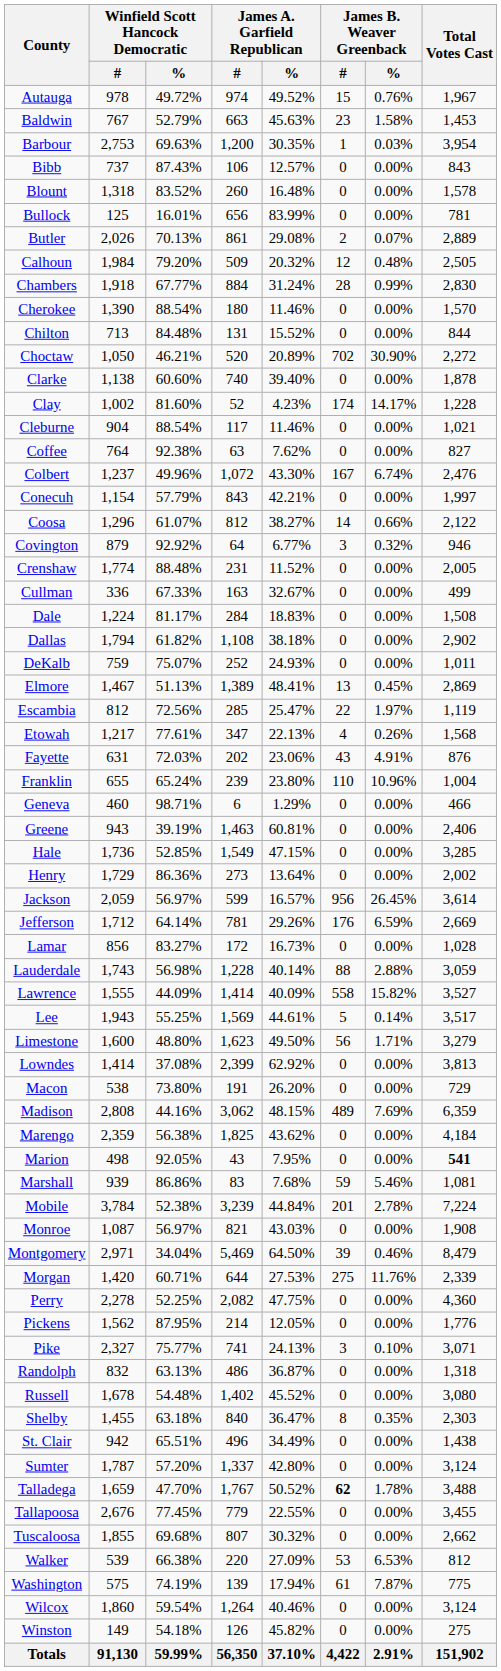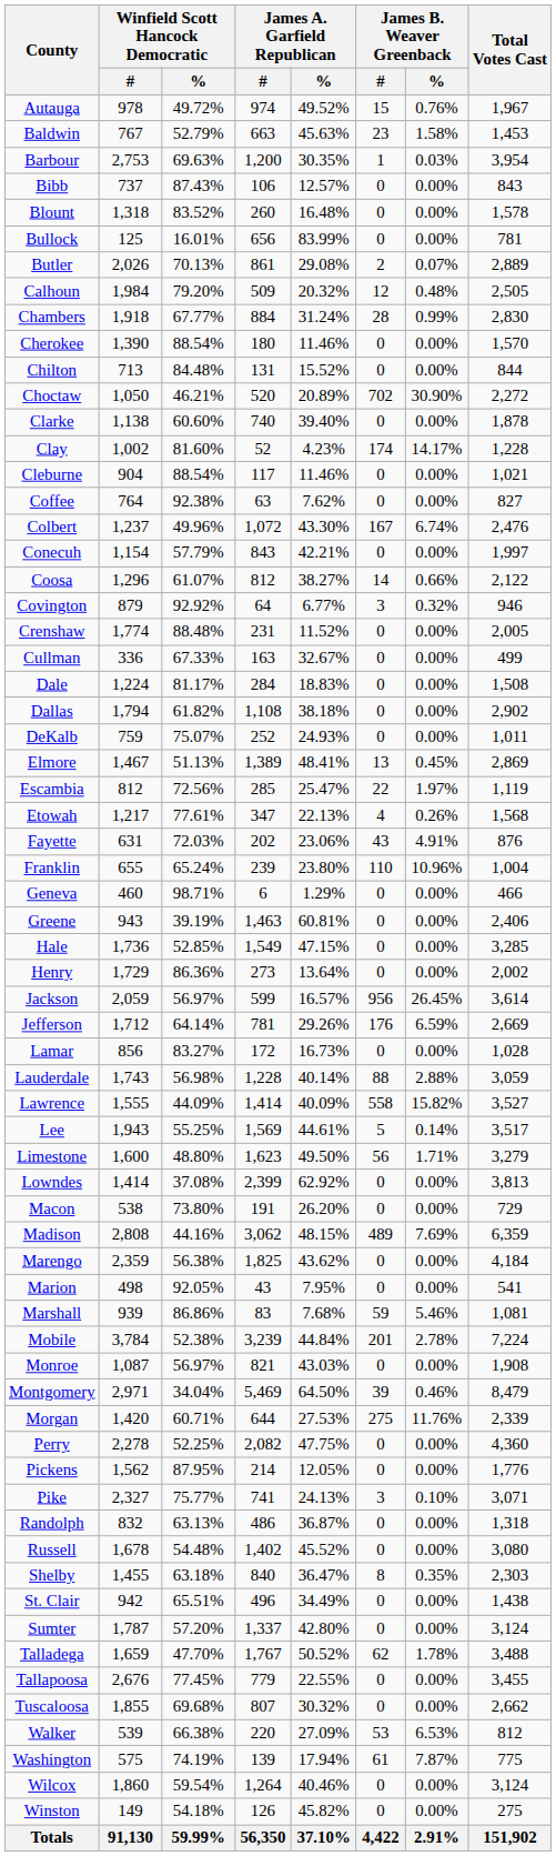 <table class="wikitable sortable" width="60%">
 <tr>
 <th rowspan="2">County</th>
 <th colspan="2">Winfield Scott Hancock<br>Democratic</th>
 <th colspan="2">James A. Garfield<br>Republican</th>
 <th colspan="2">James B. Weaver<br>Greenback</th>
 <th rowspan="2">Total Votes Cast</th>
 </tr>
 <tr>
 <th data-sort-type="number" style="text-align:center;">#</th>
 <th data-sort-type="number" style="text-align:center;">%</th>
 <th data-sort-type="number" style="text-align:center;">#</th>
 <th data-sort-type="number" style="text-align:center;">%</th>
 <th>#</th>
 <th>%</th>
 </tr>
 <tr style="text-align:center;">
 <td><a href='#'>Autauga</a></td>
 <td>978</td>
 <td>49.72%</td>
 <td>974</td>
 <td>49.52%</td>
 <td>15</td>
 <td>0.76%</td>
 <td>1,967</td>
 </tr>
 <tr style="text-align:center;">
 <td><a href='#'>Baldwin</a></td>
 <td>767</td>
 <td>52.79%</td>
 <td>663</td>
 <td>45.63%</td>
 <td>23</td>
 <td>1.58%</td>
 <td>1,453</td>
 </tr>
 <tr style="text-align:center;">
 <td><a href='#'>Barbour</a></td>
 <td>2,753</td>
 <td>69.63%</td>
 <td>1,200</td>
 <td>30.35%</td>
 <td>1</td>
 <td>0.03%</td>
 <td>3,954</td>
 </tr>
 <tr style="text-align:center;">
 <td><a href='#'>Bibb</a></td>
 <td>737</td>
 <td>87.43%</td>
 <td>106</td>
 <td>12.57%</td>
 <td>0</td>
 <td>0.00%</td>
 <td>843</td>
 </tr>
 <tr style="text-align:center;">
 <td><a href='#'>Blount</a></td>
 <td>1,318</td>
 <td>83.52%</td>
 <td>260</td>
 <td>16.48%</td>
 <td>0</td>
 <td>0.00%</td>
 <td>1,578</td>
 </tr>
 <tr style="text-align:center;">
 <td><a href='#'>Bullock</a></td>
 <td>125</td>
 <td>16.01%</td>
 <td>656</td>
 <td>83.99%</td>
 <td>0</td>
 <td>0.00%</td>
 <td>781</td>
 </tr>
 <tr style="text-align:center;">
 <td><a href='#'>Butler</a></td>
 <td>2,026</td>
 <td>70.13%</td>
 <td>861</td>
 <td>29.08%</td>
 <td>2</td>
 <td>0.07%</td>
 <td>2,889</td>
 </tr>
 <tr style="text-align:center;">
 <td><a href='#'>Calhoun</a></td>
 <td>1,984</td>
 <td>79.20%</td>
 <td>509</td>
 <td>20.32%</td>
 <td>12</td>
 <td>0.48%</td>
 <td>2,505</td>
 </tr>
 <tr style="text-align:center;">
 <td><a href='#'>Chambers</a></td>
 <td>1,918</td>
 <td>67.77%</td>
 <td>884</td>
 <td>31.24%</td>
 <td>28</td>
 <td>0.99%</td>
 <td>2,830</td>
 </tr>
 <tr style="text-align:center;">
 <td><a href='#'>Cherokee</a></td>
 <td>1,390</td>
 <td>88.54%</td>
 <td>180</td>
 <td>11.46%</td>
 <td>0</td>
 <td>0.00%</td>
 <td>1,570</td>
 </tr>
 <tr style="text-align:center;">
 <td><a href='#'>Chilton</a></td>
 <td>713</td>
 <td>84.48%</td>
 <td>131</td>
 <td>15.52%</td>
 <td>0</td>
 <td>0.00%</td>
 <td>844</td>
 </tr>
 <tr style="text-align:center;">
 <td><a href='#'>Choctaw</a></td>
 <td>1,050</td>
 <td>46.21%</td>
 <td>520</td>
 <td>20.89%</td>
 <td>702</td>
 <td>30.90%</td>
 <td>2,272</td>
 </tr>
 <tr style="text-align:center;">
 <td><a href='#'>Clarke</a></td>
 <td>1,138</td>
 <td>60.60%</td>
 <td>740</td>
 <td>39.40%</td>
 <td>0</td>
 <td>0.00%</td>
 <td>1,878</td>
 </tr>
 <tr style="text-align:center;">
 <td><a href='#'>Clay</a></td>
 <td>1,002</td>
 <td>81.60%</td>
 <td>52</td>
 <td>4.23%</td>
 <td>174</td>
 <td>14.17%</td>
 <td>1,228</td>
 </tr>
 <tr style="text-align:center;">
 <td><a href='#'>Cleburne</a></td>
 <td>904</td>
 <td>88.54%</td>
 <td>117</td>
 <td>11.46%</td>
 <td>0</td>
 <td>0.00%</td>
 <td>1,021</td>
 </tr>
 <tr style="text-align:center;">
 <td><a href='#'>Coffee</a></td>
 <td>764</td>
 <td>92.38%</td>
 <td>63</td>
 <td>7.62%</td>
 <td>0</td>
 <td>0.00%</td>
 <td>827</td>
 </tr>
 <tr style="text-align:center;">
 <td><a href='#'>Colbert</a></td>
 <td>1,237</td>
 <td>49.96%</td>
 <td>1,072</td>
 <td>43.30%</td>
 <td>167</td>
 <td>6.74%</td>
 <td>2,476</td>
 </tr>
 <tr style="text-align:center;">
 <td><a href='#'>Conecuh</a></td>
 <td>1,154</td>
 <td>57.79%</td>
 <td>843</td>
 <td>42.21%</td>
 <td>0</td>
 <td>0.00%</td>
 <td>1,997</td>
 </tr>
 <tr style="text-align:center;">
 <td><a href='#'>Coosa</a></td>
 <td>1,296</td>
 <td>61.07%</td>
 <td>812</td>
 <td>38.27%</td>
 <td>14</td>
 <td>0.66%</td>
 <td>2,122</td>
 </tr>
 <tr style="text-align:center;">
 <td><a href='#'>Covington</a></td>
 <td>879</td>
 <td>92.92%</td>
 <td>64</td>
 <td>6.77%</td>
 <td>3</td>
 <td>0.32%</td>
 <td>946</td>
 </tr>
 <tr style="text-align:center;">
 <td><a href='#'>Crenshaw</a></td>
 <td>1,774</td>
 <td>88.48%</td>
 <td>231</td>
 <td>11.52%</td>
 <td>0</td>
 <td>0.00%</td>
 <td>2,005</td>
 </tr>
 <tr style="text-align:center;">
 <td><a href='#'>Cullman</a></td>
 <td>336</td>
 <td>67.33%</td>
 <td>163</td>
 <td>32.67%</td>
 <td>0</td>
 <td>0.00%</td>
 <td>499</td>
 </tr>
 <tr style="text-align:center;">
 <td><a href='#'>Dale</a></td>
 <td>1,224</td>
 <td>81.17%</td>
 <td>284</td>
 <td>18.83%</td>
 <td>0</td>
 <td>0.00%</td>
 <td>1,508</td>
 </tr>
 <tr style="text-align:center;">
 <td><a href='#'>Dallas</a></td>
 <td>1,794</td>
 <td>61.82%</td>
 <td>1,108</td>
 <td>38.18%</td>
 <td>0</td>
 <td>0.00%</td>
 <td>2,902</td>
 </tr>
 <tr style="text-align:center;">
 <td><a href='#'>DeKalb</a></td>
 <td>759</td>
 <td>75.07%</td>
 <td>252</td>
 <td>24.93%</td>
 <td>0</td>
 <td>0.00%</td>
 <td>1,011</td>
 </tr>
 <tr style="text-align:center;">
 <td><a href='#'>Elmore</a></td>
 <td>1,467</td>
 <td>51.13%</td>
 <td>1,389</td>
 <td>48.41%</td>
 <td>13</td>
 <td>0.45%</td>
 <td>2,869</td>
 </tr>
 <tr style="text-align:center;">
 <td><a href='#'>Escambia</a></td>
 <td>812</td>
 <td>72.56%</td>
 <td>285</td>
 <td>25.47%</td>
 <td>22</td>
 <td>1.97%</td>
 <td>1,119</td>
 </tr>
 <tr style="text-align:center;">
 <td><a href='#'>Etowah</a></td>
 <td>1,217</td>
 <td>77.61%</td>
 <td>347</td>
 <td>22.13%</td>
 <td>4</td>
 <td>0.26%</td>
 <td>1,568</td>
 </tr>
 <tr style="text-align:center;">
 <td><a href='#'>Fayette</a></td>
 <td>631</td>
 <td>72.03%</td>
 <td>202</td>
 <td>23.06%</td>
 <td>43</td>
 <td>4.91%</td>
 <td>876</td>
 </tr>
 <tr style="text-align:center;">
 <td><a href='#'>Franklin</a></td>
 <td>655</td>
 <td>65.24%</td>
 <td>239</td>
 <td>23.80%</td>
 <td>110</td>
 <td>10.96%</td>
 <td>1,004</td>
 </tr>
 <tr style="text-align:center;">
 <td><a href='#'>Geneva</a></td>
 <td>460</td>
 <td>98.71%</td>
 <td>6</td>
 <td>1.29%</td>
 <td>0</td>
 <td>0.00%</td>
 <td>466</td>
 </tr>
 <tr style="text-align:center;">
 <td><a href='#'>Greene</a></td>
 <td>943</td>
 <td>39.19%</td>
 <td>1,463</td>
 <td>60.81%</td>
 <td>0</td>
 <td>0.00%</td>
 <td>2,406</td>
 </tr>
 <tr style="text-align:center;">
 <td><a href='#'>Hale</a></td>
 <td>1,736</td>
 <td>52.85%</td>
 <td>1,549</td>
 <td>47.15%</td>
 <td>0</td>
 <td>0.00%</td>
 <td>3,285</td>
 </tr>
 <tr style="text-align:center;">
 <td><a href='#'>Henry</a></td>
 <td>1,729</td>
 <td>86.36%</td>
 <td>273</td>
 <td>13.64%</td>
 <td>0</td>
 <td>0.00%</td>
 <td>2,002</td>
 </tr>
 <tr style="text-align:center;">
 <td><a href='#'>Jackson</a></td>
 <td>2,059</td>
 <td>56.97%</td>
 <td>599</td>
 <td>16.57%</td>
 <td>956</td>
 <td>26.45%</td>
 <td>3,614</td>
 </tr>
 <tr style="text-align:center;">
 <td><a href='#'>Jefferson</a></td>
 <td>1,712</td>
 <td>64.14%</td>
 <td>781</td>
 <td>29.26%</td>
 <td>176</td>
 <td>6.59%</td>
 <td>2,669</td>
 </tr>
 <tr style="text-align:center;">
 <td><a href='#'>Lamar</a></td>
 <td>856</td>
 <td>83.27%</td>
 <td>172</td>
 <td>16.73%</td>
 <td>0</td>
 <td>0.00%</td>
 <td>1,028</td>
 </tr>
 <tr style="text-align:center;">
 <td><a href='#'>Lauderdale</a></td>
 <td>1,743</td>
 <td>56.98%</td>
 <td>1,228</td>
 <td>40.14%</td>
 <td>88</td>
 <td>2.88%</td>
 <td>3,059</td>
 </tr>
 <tr style="text-align:center;">
 <td><a href='#'>Lawrence</a></td>
 <td>1,555</td>
 <td>44.09%</td>
 <td>1,414</td>
 <td>40.09%</td>
 <td>558</td>
 <td>15.82%</td>
 <td>3,527</td>
 </tr>
 <tr style="text-align:center;">
 <td><a href='#'>Lee</a></td>
 <td>1,943</td>
 <td>55.25%</td>
 <td>1,569</td>
 <td>44.61%</td>
 <td>5</td>
 <td>0.14%</td>
 <td>3,517</td>
 </tr>
 <tr style="text-align:center;">
 <td><a href='#'>Limestone</a></td>
 <td>1,600</td>
 <td>48.80%</td>
 <td>1,623</td>
 <td>49.50%</td>
 <td>56</td>
 <td>1.71%</td>
 <td>3,279</td>
 </tr>
 <tr style="text-align:center;">
 <td><a href='#'>Lowndes</a></td>
 <td>1,414</td>
 <td>37.08%</td>
 <td>2,399</td>
 <td>62.92%</td>
 <td>0</td>
 <td>0.00%</td>
 <td>3,813</td>
 </tr>
 <tr style="text-align:center;">
 <td><a href='#'>Macon</a></td>
 <td>538</td>
 <td>73.80%</td>
 <td>191</td>
 <td>26.20%</td>
 <td>0</td>
 <td>0.00%</td>
 <td>729</td>
 </tr>
 <tr style="text-align:center;">
 <td><a href='#'>Madison</a></td>
 <td>2,808</td>
 <td>44.16%</td>
 <td>3,062</td>
 <td>48.15%</td>
 <td>489</td>
 <td>7.69%</td>
 <td>6,359</td>
 </tr>
 <tr style="text-align:center;">
 <td><a href='#'>Marengo</a></td>
 <td>2,359</td>
 <td>56.38%</td>
 <td>1,825</td>
 <td>43.62%</td>
 <td>0</td>
 <td>0.00%</td>
 <td>4,184</td>
 </tr>
 <tr style="text-align:center;">
 <td><a href='#'>Marion</a></td>
 <td>498</td>
 <td>92.05%</td>
 <td>43</td>
 <td>7.95%</td>
 <td>0</td>
 <td>0.00%</td>
-<td><strong>541</strong></td>
+<td>541</td>
 </tr>
 <tr style="text-align:center;">
 <td><a href='#'>Marshall</a></td>
 <td>939</td>
 <td>86.86%</td>
 <td>83</td>
 <td>7.68%</td>
 <td>59</td>
 <td>5.46%</td>
 <td>1,081</td>
 </tr>
 <tr style="text-align:center;">
 <td><a href='#'>Mobile</a></td>
 <td>3,784</td>
 <td>52.38%</td>
 <td>3,239</td>
 <td>44.84%</td>
 <td>201</td>
 <td>2.78%</td>
 <td>7,224</td>
 </tr>
 <tr style="text-align:center;">
 <td><a href='#'>Monroe</a></td>
 <td>1,087</td>
 <td>56.97%</td>
 <td>821</td>
 <td>43.03%</td>
 <td>0</td>
 <td>0.00%</td>
 <td>1,908</td>
 </tr>
 <tr style="text-align:center;">
 <td><a href='#'>Montgomery</a></td>
 <td>2,971</td>
 <td>34.04%</td>
 <td>5,469</td>
 <td>64.50%</td>
 <td>39</td>
 <td>0.46%</td>
 <td>8,479</td>
 </tr>
 <tr style="text-align:center;">
 <td><a href='#'>Morgan</a></td>
 <td>1,420</td>
 <td>60.71%</td>
 <td>644</td>
 <td>27.53%</td>
 <td>275</td>
 <td>11.76%</td>
 <td>2,339</td>
 </tr>
 <tr style="text-align:center;">
 <td><a href='#'>Perry</a></td>
 <td>2,278</td>
 <td>52.25%</td>
 <td>2,082</td>
 <td>47.75%</td>
 <td>0</td>
 <td>0.00%</td>
 <td>4,360</td>
 </tr>
 <tr style="text-align:center;">
 <td><a href='#'>Pickens</a></td>
 <td>1,562</td>
 <td>87.95%</td>
 <td>214</td>
 <td>12.05%</td>
 <td>0</td>
 <td>0.00%</td>
 <td>1,776</td>
 </tr>
 <tr style="text-align:center;">
 <td><a href='#'>Pike</a></td>
 <td>2,327</td>
 <td>75.77%</td>
 <td>741</td>
 <td>24.13%</td>
 <td>3</td>
 <td>0.10%</td>
 <td>3,071</td>
 </tr>
 <tr style="text-align:center;">
 <td><a href='#'>Randolph</a></td>
 <td>832</td>
 <td>63.13%</td>
 <td>486</td>
 <td>36.87%</td>
 <td>0</td>
 <td>0.00%</td>
 <td>1,318</td>
 </tr>
 <tr style="text-align:center;">
 <td><a href='#'>Russell</a></td>
 <td>1,678</td>
 <td>54.48%</td>
 <td>1,402</td>
 <td>45.52%</td>
 <td>0</td>
 <td>0.00%</td>
 <td>3,080</td>
 </tr>
 <tr style="text-align:center;">
 <td><a href='#'>Shelby</a></td>
 <td>1,455</td>
 <td>63.18%</td>
 <td>840</td>
 <td>36.47%</td>
 <td>8</td>
 <td>0.35%</td>
 <td>2,303</td>
 </tr>
 <tr style="text-align:center;">
 <td><a href='#'>St. Clair</a></td>
 <td>942</td>
 <td>65.51%</td>
 <td>496</td>
 <td>34.49%</td>
 <td>0</td>
 <td>0.00%</td>
 <td>1,438</td>
 </tr>
 <tr style="text-align:center;">
 <td><a href='#'>Sumter</a></td>
 <td>1,787</td>
 <td>57.20%</td>
 <td>1,337</td>
 <td>42.80%</td>
 <td>0</td>
 <td>0.00%</td>
 <td>3,124</td>
 </tr>
 <tr style="text-align:center;">
 <td><a href='#'>Talladega</a></td>
 <td>1,659</td>
 <td>47.70%</td>
 <td>1,767</td>
 <td>50.52%</td>
-<td><strong>62</strong></td>
+<td>62</td>
 <td>1.78%</td>
 <td>3,488</td>
 </tr>
 <tr style="text-align:center;">
 <td><a href='#'>Tallapoosa</a></td>
 <td>2,676</td>
 <td>77.45%</td>
 <td>779</td>
 <td>22.55%</td>
 <td>0</td>
 <td>0.00%</td>
 <td>3,455</td>
 </tr>
 <tr style="text-align:center;">
 <td><a href='#'>Tuscaloosa</a></td>
 <td>1,855</td>
 <td>69.68%</td>
 <td>807</td>
 <td>30.32%</td>
 <td>0</td>
 <td>0.00%</td>
 <td>2,662</td>
 </tr>
 <tr style="text-align:center;">
 <td><a href='#'>Walker</a></td>
 <td>539</td>
 <td>66.38%</td>
 <td>220</td>
 <td>27.09%</td>
 <td>53</td>
 <td>6.53%</td>
 <td>812</td>
 </tr>
 <tr style="text-align:center;">
 <td><a href='#'>Washington</a></td>
 <td>575</td>
 <td>74.19%</td>
 <td>139</td>
 <td>17.94%</td>
 <td>61</td>
 <td>7.87%</td>
 <td>775</td>
 </tr>
 <tr style="text-align:center;">
 <td><a href='#'>Wilcox</a></td>
 <td>1,860</td>
 <td>59.54%</td>
 <td>1,264</td>
 <td>40.46%</td>
 <td>0</td>
 <td>0.00%</td>
 <td>3,124</td>
 </tr>
 <tr style="text-align:center;">
 <td><a href='#'>Winston</a></td>
 <td>149</td>
 <td>54.18%</td>
 <td>126</td>
 <td>45.82%</td>
 <td>0</td>
 <td>0.00%</td>
 <td>275</td>
 </tr>
 <tr>
 <th>Totals</th>
 <th>91,130</th>
 <th>59.99%</th>
 <th>56,350</th>
 <th>37.10%</th>
 <th>4,422</th>
 <th>2.91%</th>
 <th>151,902</th>
 </tr>
 </table>
